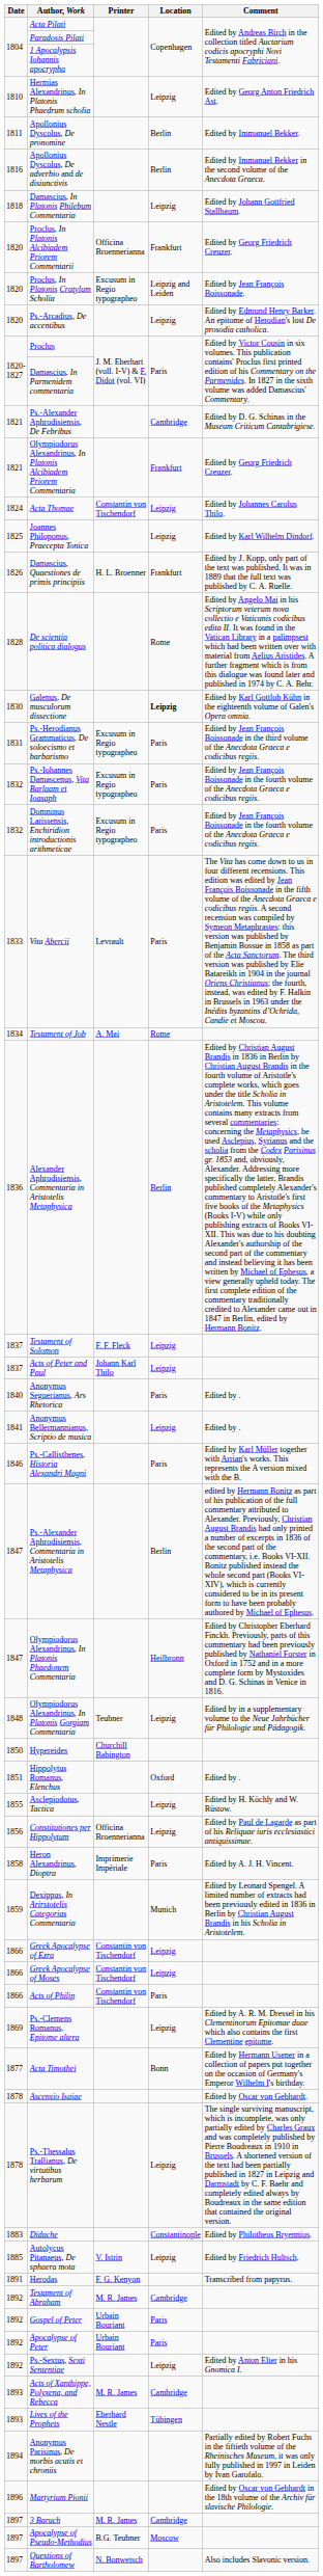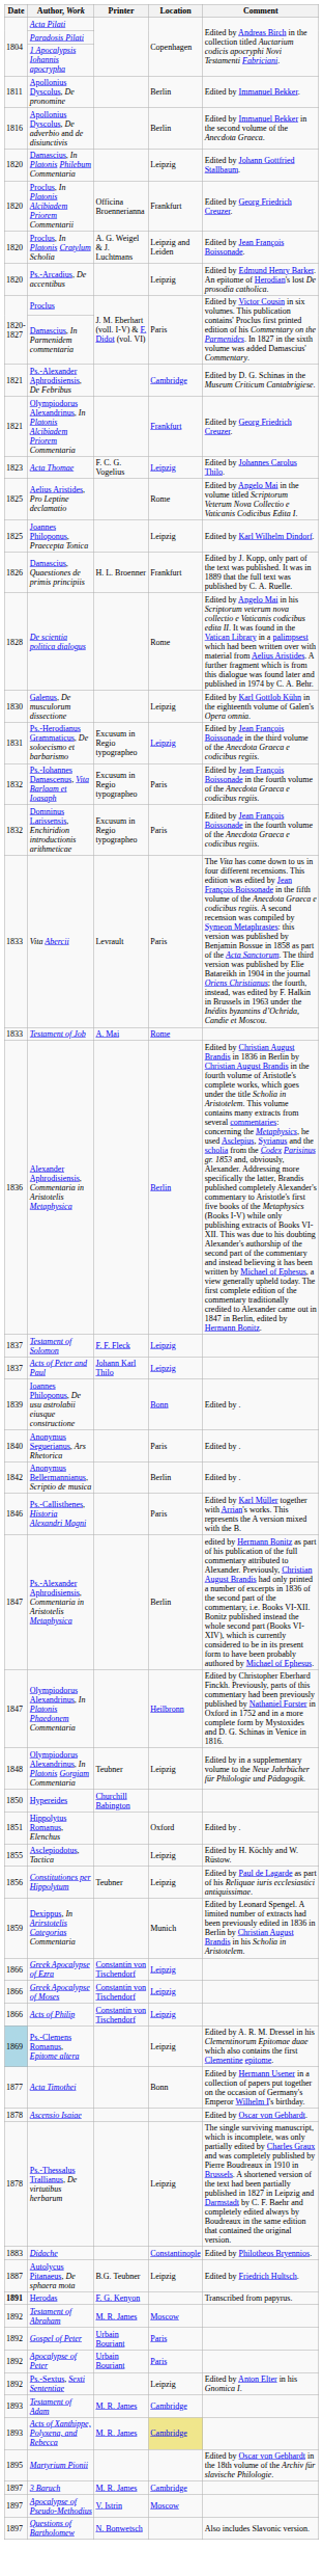 <table class="wikitable sortable">
 <tr>
 <th>Date</th>
 <th>Author, <em>Work</em></th>
 <th>Printer</th>
 <th>Location</th>
 <th>Comment</th>
 </tr>
 <tr>
 <td rowspan="3">1804</td>
 <td><em><a href='#'>Acta Pilati</a></em></td>
 <td rowspan="3"></td>
 <td rowspan="3">Copenhagen</td>
 <td rowspan="3">Edited by <a href='#'>Andreas Birch</a> in the collection titled <em>Auctarium codicis apocryphi Novi Testamenti <a href='#'>Fabriciani</a></em>.</td>
 </tr>
 <tr>
 <td><em><a href='#'>Paradosis Pilati</a></em></td>
 </tr>
 <tr>
 <td><em><a href='#'>1 Apocalypsis Iohannis apocrypha</a></em></td>
 </tr>
 <tr>
-<td>1810</td>
-<td><a href='#'>Hermias Alexandrinus</a>, <em>In Platonis Phaedrum scholia</em></td>
-<td></td>
-<td>Leipzig</td>
-<td>Edited by <a href='#'>Georg Anton Friedrich Ast</a>.</td>
-</tr>
-<tr>
 <td>1811</td>
 <td><a href='#'>Apollonius Dyscolus</a>, <em>De pronomine</em></td>
 <td></td>
 <td>Berlin</td>
 <td>Edited by <a href='#'>Immanuel Bekker</a>.</td>
 </tr>
 <tr>
 <td>1816</td>
 <td><a href='#'>Apollonius Dyscolus</a>, <em>De adverbio</em> and <em>de disiunctivis</em></td>
 <td></td>
 <td>Berlin</td>
 <td>Edited by <a href='#'>Immanuel Bekker</a> in the second volume of the <em>Anecdota Graeca</em>.</td>
 </tr>
 <tr>
-<td>1818</td>
+<td>1820</td>
 <td><a href='#'>Damascius</a>, <em>In <a href='#'>Platonis</a> <a href='#'>Philebum</a> Commentaria</em></td>
 <td></td>
 <td>Leipzig</td>
 <td>Edited by <a href='#'>Johann Gottfried Stallbaum</a>.</td>
 </tr>
 <tr>
 <td>1820</td>
 <td><a href='#'>Proclus</a>, <em>In <a href='#'>Platonis</a> <a href='#'>Alcibiadem Priorem</a> Commentarii</em></td>
 <td>Officina Broennerianna</td>
 <td>Frankfurt</td>
 <td>Edited by <a href='#'>Georg Friedrich Creuzer</a>.</td>
 </tr>
 <tr>
 <td>1820</td>
 <td><a href='#'>Proclus</a>, <em>In <a href='#'>Platonis</a> <a href='#'>Cratylum</a> Scholia</em></td>
-<td>Excusum in Regio typographeo</td>
+<td>A. G. Weigel & J. Luchtmans</td>
 <td>Leipzig and Leiden</td>
 <td>Edited by <a href='#'>Jean François Boissonade</a>.</td>
 </tr>
 <tr>
 <td>1820</td>
 <td><a href='#'>Ps.-Arcadius</a>, <em>De accentibus</em></td>
 <td></td>
 <td>Leipzig</td>
 <td>Edited by <a href='#'>Edmund Henry Barker</a>. An epitome of <a href='#'>Herodian</a>'s lost <em>De prosodia catholica</em>.</td>
 </tr>
 <tr>
 <td rowspan="2">1820-1827</td>
 <td><a href='#'>Proclus</a></td>
 <td rowspan="2">J. M. Eberhart (voll. I-V) & <a href='#'>F. Didot</a> (vol. VI)</td>
 <td rowspan="2">Paris</td>
 <td rowspan="2">Edited by <a href='#'>Victor Cousin</a> in six volumes. This publication contains' Proclus first printed edition of his <em>Commentary on the <a href='#'>Parmenides</a></em>. In 1827 in the sixth volume was added Damascius' <em>Commentary</em>.</td>
 </tr>
 <tr>
 <td><a href='#'>Damascius</a>, <em>In Parmenidem commentaria</em></td>
 </tr>
 <tr>
 <td>1821</td>
 <td><a href='#'>Ps.-Alexander Aphrodisiensis</a>, <em>De Febribus</em></td>
 <td></td>
 <td><a href='#'>Cambridge</a></td>
 <td>Edited by D. G. Schinas in the <em>Museum Criticum Cantabrigiese</em>.</td>
 </tr>
 <tr>
 <td>1821</td>
 <td><a href='#'>Olympiodorus Alexandrinus</a>, <em>In <a href='#'>Platonis</a> <a href='#'>Alcibiadem Priorem</a> Commentaria</em></td>
 <td></td>
 <td><a href='#'>Frankfurt</a></td>
 <td>Edited by <a href='#'>Georg Friedrich Creuzer</a>.</td>
 </tr>
 <tr>
-<td>1824</td>
+<td>1823</td>
 <td><em><a href='#'>Acta Thomae</a></em></td>
-<td><a href='#'>Constantin von Tischendorf</a></td>
+<td>F. C. G. Vogelius</td>
 <td><a href='#'>Leipzig</a></td>
 <td>Edited by <a href='#'>Johannes Carolus Thilo</a>.</td>
+</tr>
+<tr>
+<td>1825</td>
+<td><a href='#'>Aelius Aristides</a>, <em>Pro Leptine declamatio</em></td>
+<td></td>
+<td>Rome</td>
+<td>Edited by <a href='#'>Angelo Mai</a> in the volume titled <em>Scriptorum Veterum Nova Collectio e Vaticanis Codicibus Edita I</em>.</td>
 </tr>
 <tr>
 <td>1825</td>
 <td><a href='#'>Joannes Philoponus</a>, <em>Praecepta Tonica</em></td>
 <td></td>
 <td>Leipzig</td>
 <td>Edited by <a href='#'>Karl Wilhelm Dindorf</a>.</td>
 </tr>
 <tr>
 <td>1826</td>
 <td><a href='#'>Damascius</a>, <em>Quaestiones de primis principiis</em></td>
 <td>H. L. Broenner</td>
 <td>Frankfurt</td>
 <td>Edited by J. Kopp, only part of the text was published. It was in 1889 that the full text was published by C. A. Ruelle.</td>
 </tr>
 <tr>
 <td>1828</td>
 <td><em><a href='#'>De scientia politica dialogus</a></em></td>
 <td></td>
 <td>Rome</td>
 <td>Edited by <a href='#'>Angelo Mai</a> in his <em>Scriptorum veterum nova collectio e Vaticanis codicibus edita II</em>. It was found in the <a href='#'>Vatican Library</a> in a <a href='#'>palimpsest</a> which had been written over with material from <a href='#'>Aelius Aristides</a>. A further fragment which is from this dialogue was found later and published in 1974 by C. A. Behr.</td>
 </tr>
 <tr>
 <td>1830</td>
 <td><a href='#'>Galenus</a>, <em>De musculorum dissectione</em></td>
 <td></td>
-<td><strong>Leipzig</strong></td>
+<td>Leipzig</td>
 <td>Edited by <a href='#'>Karl Gottlob Kühn</a> in the eighteenth volume of Galen's <em>Opera omnia</em>.</td>
 </tr>
 <tr>
 <td>1831</td>
 <td><a href='#'>Ps.-Herodianus Grammaticus</a>, <em>De soloecismo et barbarismo</em></td>
 <td>Excusum in Regio typographeo</td>
-<td>Paris</td>
+<td><a href='#'>Leipzig</a></td>
 <td>Edited by <a href='#'>Jean François Boissonade</a> in the third volume of the <em>Anecdota Graeca e codicibus regiis</em>.</td>
 </tr>
 <tr>
 <td>1832</td>
 <td><a href='#'>Ps.-Iohannes Damascenus</a>, <em><a href='#'>Vita Barlaam et Ioasaph</a></em></td>
 <td>Excusum in Regio typographeo</td>
 <td>Paris</td>
 <td>Edited by <a href='#'>Jean François Boissonade</a> in the fourth volume of the <em>Anecdota Graeca e codicibus regiis</em>.</td>
 </tr>
 <tr>
 <td>1832</td>
 <td><a href='#'>Domninus Larissensis</a>, <em>Enchiridion introductionis arithmeticae</em></td>
 <td>Excusum in Regio typographeo</td>
 <td>Paris</td>
 <td>Edited by <a href='#'>Jean François Boissonade</a> in the fourth volume of the <em>Anecdota Graeca e codicibus regiis</em>.</td>
 </tr>
 <tr>
 <td>1833</td>
 <td><em>Vita <a href='#'>Abercii</a></em></td>
 <td>Levrault</td>
 <td>Paris</td>
 <td>The <em>Vita</em> has come down to us in four different recensions. This edition was edited by <a href='#'>Jean François Boissonade</a> in the fifth volume of the <em>Anecdota Graeca e codicibus regiis</em>. A second recension was compiled by <a href='#'>Symeon Metaphrastes</a>: this version was published by Benjamin Bossue in 1858 as part of the <em><a href='#'>Acta Sanctorum</a></em>. The third version was published by Elie Batareikh in 1904 in the journal <em><a href='#'>Oriens Christianus</a></em>; the fourth, instead, was edited by F. Halkin in Brussels in 1963 under the <em>Inédits byzantins d’Ochrida, Candie et Moscou</em>.</td>
 </tr>
 <tr>
-<td>1834</td>
+<td>1833</td>
 <td><em><a href='#'>Testament of Job</a></em></td>
 <td><a href='#'>A. Mai</a></td>
 <td><a href='#'>Rome</a></td>
 <td></td>
 </tr>
 <tr>
 <td>1836</td>
 <td><a href='#'>Alexander Aphrodisiensis</a>, <em>Commentaria in Aristotelis <a href='#'>Metaphysica</a></em></td>
 <td></td>
 <td><a href='#'>Berlin</a></td>
 <td>Edited by <a href='#'>Christian August Brandis</a> in 1836 in Berlin by <a href='#'>Christian August Brandis</a> in the fourth volume of Aristotle's complete works, which goes under the title <em>Scholia in Aristotelem</em>. This volume contains many extracts from several <a href='#'>commentaries</a>: concerning the <em><a href='#'>Metaphysics</a></em>, he used <a href='#'>Asclepius</a>, <a href='#'>Syrianus</a> and the <a href='#'>scholia</a> from the <em><a href='#'>Codex</a> <a href='#'>Parisinus</a> gr. 1853</em> and, obviously, Alexander. Addressing more specifically the latter, Brandis published completely Alexander's commentary to Aristotle's first five books of the <em>Metaphysics</em> (Books I-V) while only publishing extracts of Books VI-XII. This was due to his doubting Alexander's authorship of the second part of the commentary and instead believing it has been written by <a href='#'>Michael of Ephesus</a>, a view generally upheld today. The first complete edition of the commentary traditionally credited to Alexander came out in 1847 in Berlin, edited by <a href='#'>Hermann Bonitz</a>.</td>
 </tr>
 <tr>
 <td>1837</td>
 <td><em><a href='#'>Testament of Solomon</a></em></td>
 <td><a href='#'>F. F. Fleck</a></td>
 <td><a href='#'>Leipzig</a></td>
 <td></td>
 </tr>
 <tr>
 <td>1837</td>
 <td><em><a href='#'>Acts of Peter and Paul</a></em></td>
 <td><a href='#'>Johann Karl Thilo</a></td>
 <td><a href='#'>Leipzig</a></td>
 <td></td>
 </tr>
 <tr>
+<td>1839</td>
+<td><a href='#'>Ioannes Philoponus</a>, <em>De usu astrolabii eiusque constructione</em></td>
+<td></td>
+<td><a href='#'>Bonn</a></td>
+<td>Edited by .</td>
+</tr>
+<tr>
 <td>1840</td>
 <td><a href='#'>Anonymus Seguerianus</a>, <em>Ars Rhetorica</em></td>
 <td></td>
 <td>Paris</td>
 <td>Edited by .</td>
 </tr>
 <tr>
-<td>1841</td>
+<td>1842</td>
 <td><a href='#'>Anonymus Bellermannianus</a>, <em>Scriptio de musica</em></td>
 <td></td>
-<td><a href='#'>Leipzig</a></td>
+<td>Berlin</td>
 <td>Edited by .</td>
 </tr>
 <tr>
 <td>1846</td>
 <td><a href='#'>Ps.-Callisthenes</a>, <em><a href='#'>Historia Alexandri Magni</a></em></td>
 <td></td>
 <td>Paris</td>
 <td>Edited by <a href='#'>Karl Müller</a> together with <a href='#'>Arrian</a>'s works. This represents the A version mixed with the B.</td>
 </tr>
 <tr>
 <td>1847</td>
 <td><a href='#'>Ps.-Alexander Aphrodisiensis</a>, <em>Commentaria in Aristotelis <a href='#'>Metaphysica</a></em></td>
 <td></td>
 <td>Berlin</td>
 <td>edited by <a href='#'>Hermann Bonitz</a> as part of his publication of the full commentary attributed to Alexander. Previously, <a href='#'>Christian August Brandis</a> had only printed a number of excerpts in 1836 of the second part of the commentary, i.e. Books VI-XII. Bonitz published instead the whole second part (Books VI-XIV), which is currently considered to be in its present form to have been probably authored by <a href='#'>Michael of Ephesus</a>.</td>
 </tr>
 <tr>
 <td>1847</td>
 <td><a href='#'>Olympiodorus Alexandrinus</a>, <em>In <a href='#'>Platonis</a> <a href='#'>Phaedonem</a> Commentaria</em></td>
 <td></td>
 <td><a href='#'>Heilbronn</a></td>
 <td>Edited by Christopher Eberhard Finckh. Previously, parts of this commentary had been previously published by <a href='#'>Nathaniel Forster</a> in Oxford in 1752 and in a more complete form by Mystoxides and D. G. Schinas in Venice in 1816.</td>
 </tr>
 <tr>
 <td>1848</td>
 <td><a href='#'>Olympiodorus Alexandrinus</a>, <em>In <a href='#'>Platonis</a> <a href='#'>Gorgiam</a> Commentaria</em></td>
 <td>Teubner</td>
 <td>Leipzig</td>
 <td>Edited by  in a supplementary volume to the <em>Neue Jahrbücher für Philologie und Pädagogik</em>.</td>
 </tr>
 <tr>
 <td>1850</td>
 <td><a href='#'>Hypereides</a></td>
 <td><a href='#'>Churchill Babington</a></td>
 <td></td>
 <td></td>
 </tr>
 <tr>
 <td>1851</td>
 <td><a href='#'>Hippolytus Romanus</a>, <em>Elenchus</em></td>
 <td></td>
 <td>Oxford</td>
 <td>Edited by .</td>
 </tr>
 <tr>
 <td>1855</td>
 <td><a href='#'>Asclepiodotus</a>, <em>Tactica</em></td>
 <td></td>
 <td>Leipzig</td>
 <td>Edited by H. Köchly and W. Rüstow.</td>
 </tr>
 <tr>
 <td>1856</td>
 <td><em><a href='#'>Constitutiones per Hippolytum</a></em></td>
-<td>Officina Broennerianna</td>
+<td>Teubner</td>
 <td>Leipzig</td>
 <td>Edited by <a href='#'>Paul de Lagarde</a> as part of his <em>Reliquae iuris ecclesiastici antiquissimae</em>.</td>
-</tr>
-<tr>
-<td>1858</td>
-<td><a href='#'>Heron Alexandrinus</a>, <em>Dioptra</em></td>
-<td>Imprimerie Impériale</td>
-<td>Paris</td>
-<td>Edited by A. J. H. Vincent.</td>
 </tr>
 <tr>
 <td>1859</td>
 <td><a href='#'>Dexippus</a>, <em>In <a href='#'>Arirstotelis</a> <a href='#'>Categorias</a> Commentaria</em></td>
 <td></td>
 <td>Munich</td>
 <td>Edited by Leonard Spengel. A limited number of extracts had been previously edited in 1836 in Berlin by <a href='#'>Christian August Brandis</a> in his <em>Scholia in Aristotelem</em>.</td>
 </tr>
 <tr>
 <td>1866</td>
 <td><em><a href='#'>Greek Apocalypse of Ezra</a></em></td>
 <td><a href='#'>Constantin von Tischendorf</a></td>
 <td><a href='#'>Leipzig</a></td>
 <td></td>
 </tr>
 <tr>
 <td>1866</td>
 <td><em><a href='#'>Greek Apocalypse of Moses</a></em></td>
 <td><a href='#'>Constantin von Tischendorf</a></td>
 <td><a href='#'>Leipzig</a></td>
 <td></td>
 </tr>
 <tr>
 <td>1866</td>
 <td><em><a href='#'>Acts of Philip</a></em></td>
 <td><a href='#'>Constantin von Tischendorf</a></td>
-<td>Paris</td>
+<td><a href='#'>Leipzig</a></td>
 <td></td>
 </tr>
 <tr>
-<td>1869</td>
+<td style="background: lightblue;">1869</td>
 <td><a href='#'>Ps.-Clemens Romanus</a>, <em><a href='#'>Epitome altera</a></em></td>
 <td></td>
 <td>Leipzig</td>
 <td>Edited by A. R. M. Dressel in his <em>Clementinorum Epitomae duae</em> which also contains the first <a href='#'>Clementine</a> <a href='#'>epitome</a>.</td>
 </tr>
 <tr>
 <td>1877</td>
 <td><em><a href='#'>Acta Timothei</a></em></td>
 <td></td>
 <td>Bonn</td>
 <td>Edited by <a href='#'>Hermann Usener</a> in a collection of papers put together on the occasion of Germany's Emperor <a href='#'>Wilhelm I</a>'s birthday.</td>
 </tr>
 <tr>
 <td>1878</td>
 <td><em><a href='#'>Ascensio Isaiae</a></em></td>
 <td></td>
 <td></td>
 <td>Edited by <a href='#'>Oscar von Gebhardt</a>.</td>
 </tr>
 <tr>
 <td>1878</td>
 <td><a href='#'>Ps.-Thessalus Trallianus</a>, <em>De virtutibus herbarum</em></td>
 <td></td>
 <td>Leipzig</td>
 <td>The single surviving manuscript, which is incomplete, was only partially edited by <a href='#'>Charles Graux</a> and was completely published by Pierre Boudreaux in 1910 in <a href='#'>Brussels</a>. A shortened version of the text had been partially published in 1827 in Leipzig and <a href='#'>Darmstadt</a> by C. F. Baehr and completely edited always by Boudreaux in the same edition that contained the original version.</td>
 </tr>
 <tr>
 <td>1883</td>
 <td><em><a href='#'>Didache</a></em></td>
 <td></td>
 <td><a href='#'>Constantinople</a></td>
 <td>Edited by <a href='#'>Philotheos Bryennios</a>.</td>
 </tr>
 <tr>
-<td>1885</td>
+<td>1887</td>
 <td><a href='#'>Autolycus Pitanaeus</a>, <em>De sphaera mota</em></td>
-<td><a href='#'>V. Istrin</a></td>
+<td>B.G. Teubner</td>
 <td>Leipzig</td>
 <td>Edited by <a href='#'>Friedrich Hultsch</a>.</td>
 </tr>
 <tr>
-<td>1891</td>
+<td><strong>1891</strong></td>
 <td><a href='#'>Herodas</a></td>
 <td><a href='#'>F. G. Kenyon</a></td>
 <td></td>
 <td>Transcribed from papyrus.</td>
 </tr>
 <tr>
 <td>1892</td>
 <td><em><a href='#'>Testament of Abraham</a></em></td>
 <td><a href='#'>M. R. James</a></td>
-<td><a href='#'>Cambridge</a></td>
+<td><a href='#'>Moscow</a></td>
 <td></td>
 </tr>
 <tr>
 <td>1892</td>
 <td><em><a href='#'>Gospel of Peter</a></em></td>
 <td><a href='#'>Urbain Bouriant</a></td>
 <td><a href='#'>Paris</a></td>
 <td></td>
 </tr>
 <tr>
 <td>1892</td>
 <td><em><a href='#'>Apocalypse of Peter</a></em></td>
 <td><a href='#'>Urbain Bouriant</a></td>
 <td><a href='#'>Paris</a></td>
 <td></td>
 </tr>
 <tr>
 <td>1892</td>
 <td><a href='#'>Ps.-Sextus</a>, <em><a href='#'>Sexti Sententiae</a></em></td>
 <td></td>
 <td>Leipzig</td>
 <td>Edited by <a href='#'>Anton Elter</a> in his <em>Gnomica I</em>.</td>
 </tr>
 <tr>
 <td>1893</td>
-<td><em><a href='#'>Acts of Xanthippe, Polyxena, and Rebecca</a></em></td>
+<td><em><a href='#'>Testament of Adam</a></em></td>
 <td><a href='#'>M. R. James</a></td>
 <td><a href='#'>Cambridge</a></td>
 <td></td>
 </tr>
 <tr>
 <td>1893</td>
-<td><em><a href='#'>Lives of the Prophets</a></em></td>
-<td><a href='#'>Eberhard Nestle</a></td>
-<td><a href='#'>Tübingen</a></td>
+<td><em><a href='#'>Acts of Xanthippe, Polyxena, and Rebecca</a></em></td>
+<td><a href='#'>M. R. James</a></td>
+<td style="background: khaki;"><a href='#'>Cambridge</a></td>
 <td></td>
 </tr>
 <tr>
-<td>1894</td>
-<td><a href='#'>Anonymus Parisinus</a>, <em>De morbis acutis et chroniis</em></td>
-<td></td>
-<td></td>
-<td>Partially edited by Robert Fuchs in the fiftieth volume of the <em>Rheinisches Museum</em>, it was only fully published in 1997 in Leiden by Ivan Garofalo.</td>
-</tr>
-<tr>
-<td>1896</td>
+<td>1895</td>
 <td><em><a href='#'>Martyrium Pionii</a></em></td>
 <td></td>
 <td></td>
 <td>Edited by <a href='#'>Oscar von Gebhardt</a> in the 18th volume of the <em>Archiv für slavische Philologie</em>.</td>
 </tr>
 <tr>
 <td>1897</td>
 <td><em><a href='#'>3 Baruch</a></em></td>
 <td><a href='#'>M. R. James</a></td>
 <td><a href='#'>Cambridge</a></td>
 <td></td>
 </tr>
 <tr>
 <td>1897</td>
 <td><em><a href='#'>Apocalypse of Pseudo-Methodius</a></em></td>
-<td>B.G. Teubner</td>
+<td><a href='#'>V. Istrin</a></td>
 <td><a href='#'>Moscow</a></td>
 <td></td>
 </tr>
 <tr>
 <td>1897</td>
 <td><em><a href='#'>Questions of Bartholomew</a></em></td>
 <td><a href='#'>N. Bonwetsch</a></td>
 <td></td>
 <td>Also includes Slavonic version.</td>
 </tr>
 </table>
